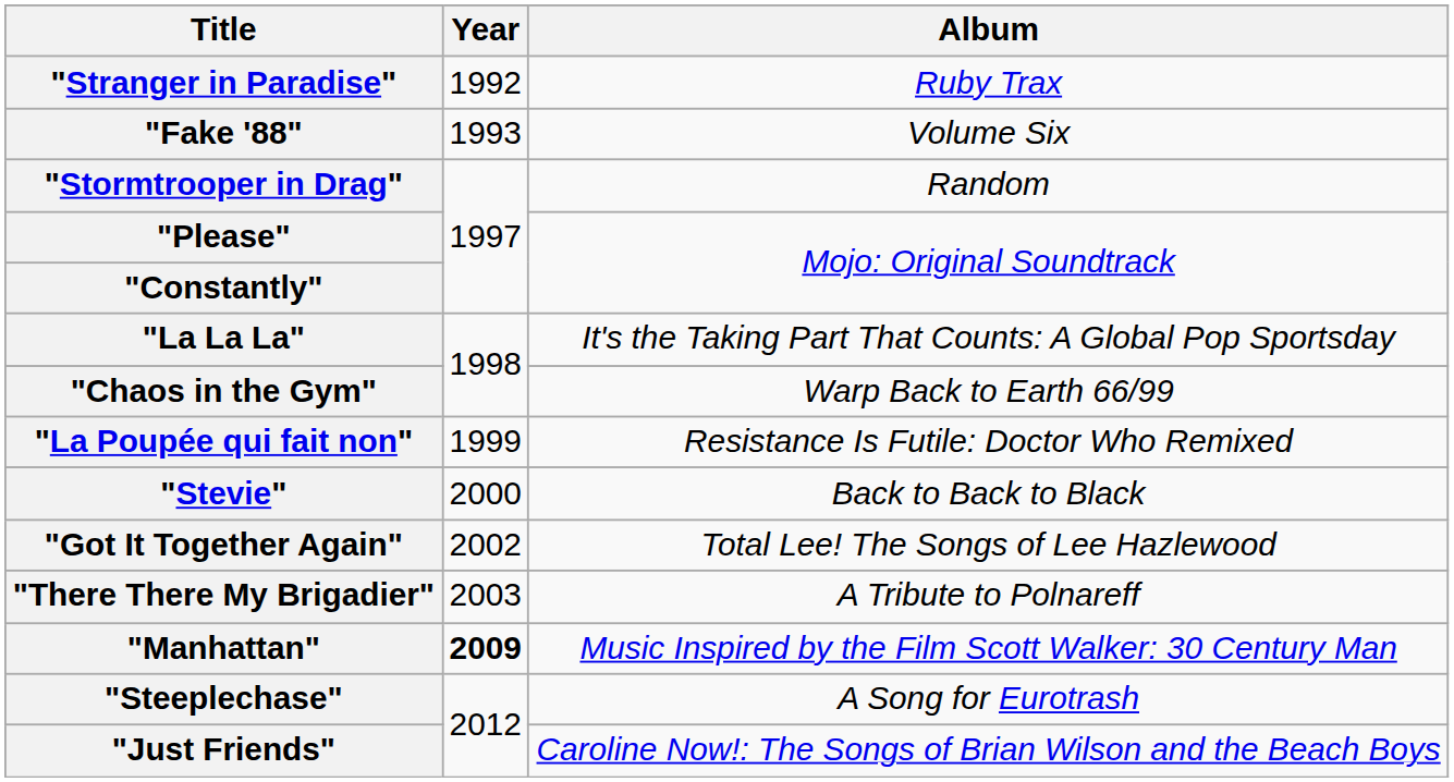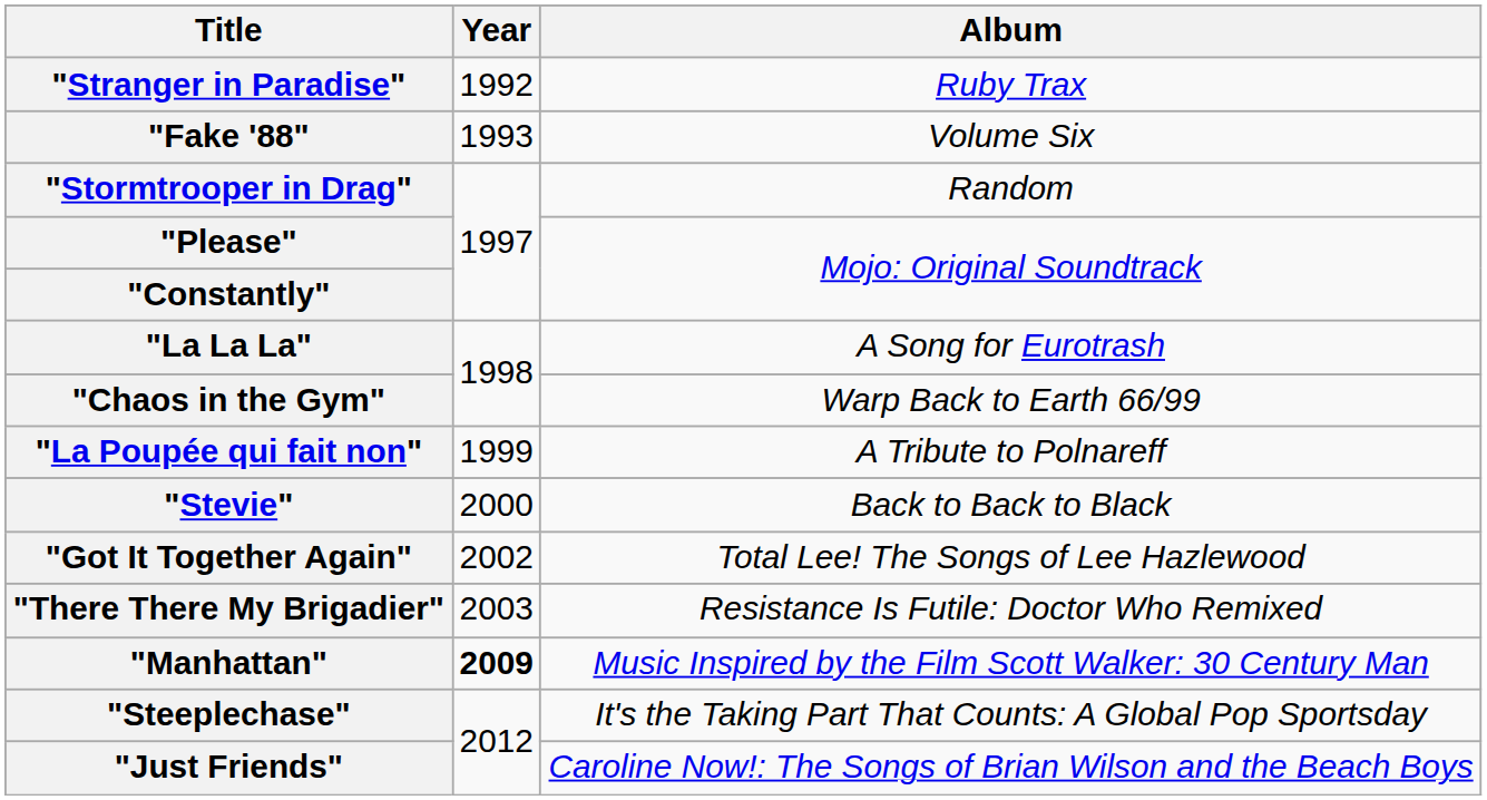 <table class="wikitable plainrowheaders" style="text-align:center">
 <tr>
 <th scope="col">Title</th>
 <th scope="col">Year</th>
 <th scope="col">Album</th>
 </tr>
 <tr>
 <th scope="row">"<a href='#'>Stranger in Paradise</a>"</th>
 <td>1992</td>
 <td><em><a href='#'>Ruby Trax</a></em></td>
 </tr>
 <tr>
 <th scope="row">"Fake '88"</th>
 <td>1993</td>
 <td><em>Volume Six</em></td>
 </tr>
 <tr>
 <th scope="row">"<a href='#'>Stormtrooper in Drag</a>"</th>
 <td rowspan="3">1997</td>
 <td><em>Random</em></td>
 </tr>
 <tr>
 <th scope="row">"Please"</th>
 <td rowspan="2"><em><a href='#'>Mojo: Original Soundtrack</a></em></td>
 </tr>
 <tr>
 <th scope="row">"Constantly"</th>
 </tr>
 <tr>
 <th scope="row">"La La La"</th>
 <td rowspan="2">1998</td>
-<td><em>It's the Taking Part That Counts: A Global Pop Sportsday</em></td>
+<td><em>A Song for <a href='#'>Eurotrash</a></em></td>
 </tr>
 <tr>
 <th scope="row">"Chaos in the Gym"</th>
 <td><em>Warp Back to Earth 66/99</em></td>
 </tr>
 <tr>
 <th scope="row">"<a href='#'>La Poupée qui fait non</a>"</th>
 <td>1999</td>
-<td><em>Resistance Is Futile: Doctor Who Remixed</em></td>
+<td><em>A Tribute to Polnareff</em></td>
 </tr>
 <tr>
 <th scope="row">"<a href='#'>Stevie</a>"</th>
 <td>2000</td>
 <td><em>Back to Back to Black</em></td>
 </tr>
 <tr>
 <th scope="row">"Got It Together Again"<br></th>
 <td>2002</td>
 <td><em>Total Lee! The Songs of Lee Hazlewood</em></td>
 </tr>
 <tr>
 <th scope="row">"There There My Brigadier"</th>
 <td>2003</td>
-<td><em>A Tribute to Polnareff</em></td>
+<td><em>Resistance Is Futile: Doctor Who Remixed</em></td>
 </tr>
 <tr>
 <th scope="row">"Manhattan"</th>
 <td><strong>2009</strong></td>
 <td><em><a href='#'>Music Inspired by the Film Scott Walker: 30 Century Man</a></em></td>
 </tr>
 <tr>
 <th scope="row">"Steeplechase"</th>
 <td rowspan="2">2012</td>
-<td><em>A Song for <a href='#'>Eurotrash</a></em></td>
+<td><em>It's the Taking Part That Counts: A Global Pop Sportsday</em></td>
 </tr>
 <tr>
 <th scope="row">"Just Friends"</th>
 <td><em><a href='#'>Caroline Now!: The Songs of Brian Wilson and the Beach Boys</a></em></td>
 </tr>
 </table>
